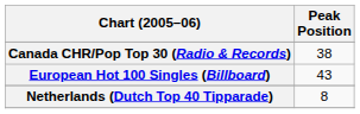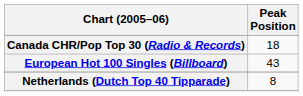 <table class="wikitable sortable plainrowheaders" style="text-align:center">
 <tr>
 <th>Chart (2005–06)</th>
 <th>Peak<br>Position</th>
 </tr>
 <tr>
 </tr>
 <tr>
 </tr>
 <tr>
 </tr>
 <tr>
 </tr>
 <tr>
 <th scope="row">Canada CHR/Pop Top 30 (<em><a href='#'>Radio & Records</a></em>)</th>
-<td align="center">38</td>
+<td align="center">18</td>
 </tr>
 <tr>
 <th scope="row"><a href='#'>European Hot 100 Singles</a> (<em><a href='#'>Billboard</a></em>)</th>
 <td style="text-align:center;">43</td>
 </tr>
 <tr>
 </tr>
 <tr>
 </tr>
 <tr>
 </tr>
 <tr>
 <th scope="row">Netherlands (<a href='#'>Dutch Top 40 Tipparade</a>)</th>
 <td style="text-align:center;">8</td>
 </tr>
 <tr>
 </tr>
 <tr>
 </tr>
 <tr>
 </tr>
 <tr>
 </tr>
 <tr>
 </tr>
 <tr>
 </tr>
 <tr>
 </tr>
 <tr>
 </tr>
 <tr>
 </tr>
 <tr>
 </tr>
 <tr>
 </tr>
 </table>
